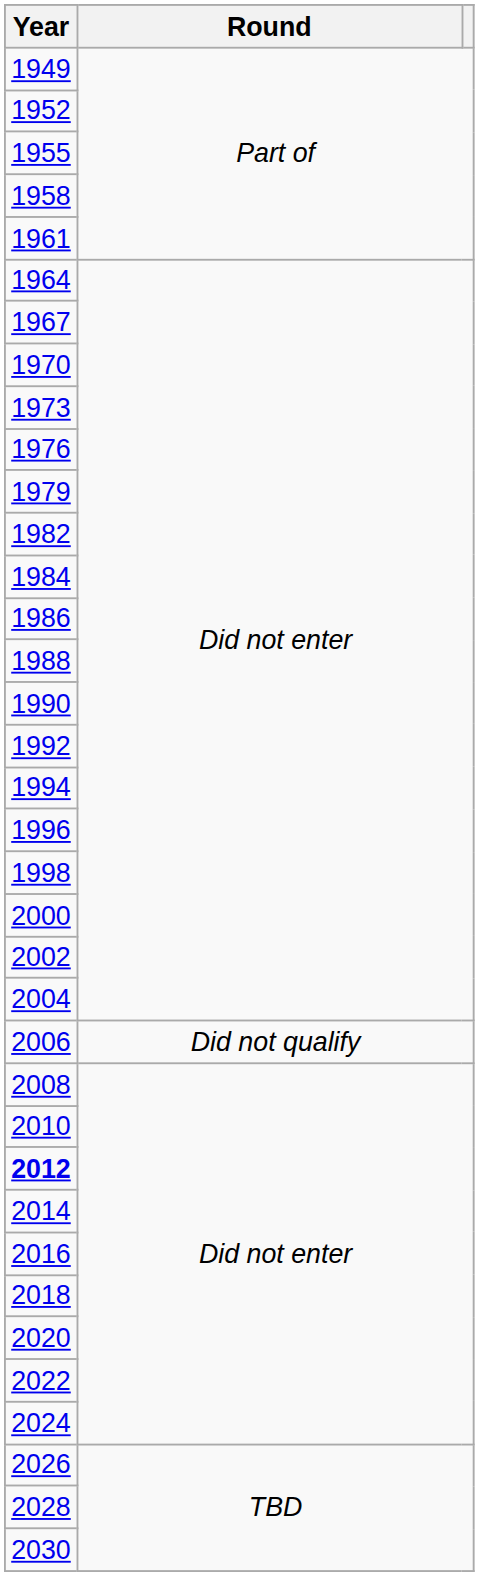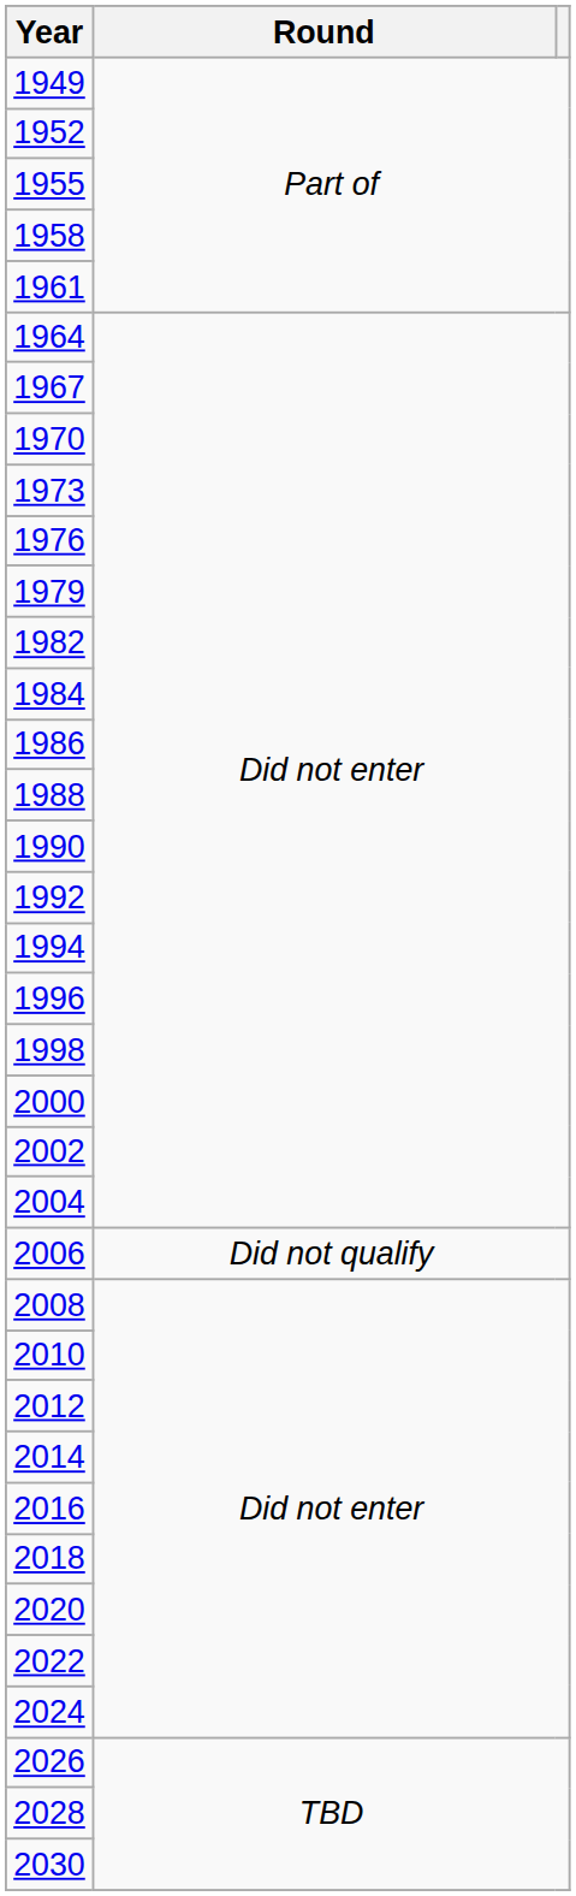 <table class="wikitable" style="text-align: center; font-size:90%">
 <tr>
 <th>Year</th>
 <th style="width:200px">Round</th>
 <th></th>
 </tr>
 <tr>
 <td><a href='#'>1949</a></td>
 <td colspan="2" rowspan="5"><em>Part of </em></td>
 </tr>
 <tr>
 <td><a href='#'>1952</a></td>
 </tr>
 <tr>
 <td><a href='#'>1955</a></td>
 </tr>
 <tr>
 <td><a href='#'>1958</a></td>
 </tr>
 <tr>
 <td><a href='#'>1961</a></td>
 </tr>
 <tr>
 <td><a href='#'>1964</a></td>
 <td colspan="2" rowspan="18"><em>Did not enter</em></td>
 </tr>
 <tr>
 <td><a href='#'>1967</a></td>
 </tr>
 <tr>
 <td><a href='#'>1970</a></td>
 </tr>
 <tr>
 <td><a href='#'>1973</a></td>
 </tr>
 <tr>
 <td><a href='#'>1976</a></td>
 </tr>
 <tr>
 <td><a href='#'>1979</a></td>
 </tr>
 <tr>
 <td><a href='#'>1982</a></td>
 </tr>
 <tr>
 <td><a href='#'>1984</a></td>
 </tr>
 <tr>
 <td><a href='#'>1986</a></td>
 </tr>
 <tr>
 <td><a href='#'>1988</a></td>
 </tr>
 <tr>
 <td><a href='#'>1990</a></td>
 </tr>
 <tr>
 <td><a href='#'>1992</a></td>
 </tr>
 <tr>
 <td><a href='#'>1994</a></td>
 </tr>
 <tr>
 <td><a href='#'>1996</a></td>
 </tr>
 <tr>
 <td><a href='#'>1998</a></td>
 </tr>
 <tr>
 <td><a href='#'>2000</a></td>
 </tr>
 <tr>
 <td><a href='#'>2002</a></td>
 </tr>
 <tr>
 <td><a href='#'>2004</a></td>
 </tr>
 <tr>
 <td><a href='#'>2006</a></td>
 <td colspan="2"><em>Did not qualify</em></td>
 </tr>
 <tr>
 <td><a href='#'>2008</a></td>
 <td colspan="2" rowspan="9"><em>Did not enter</em></td>
 </tr>
 <tr>
 <td><a href='#'>2010</a></td>
 </tr>
 <tr>
-<td><strong><a href='#'>2012</a></strong></td>
+<td><a href='#'>2012</a></td>
 </tr>
 <tr>
 <td><a href='#'>2014</a></td>
 </tr>
 <tr>
 <td><a href='#'>2016</a></td>
 </tr>
 <tr>
 <td><a href='#'>2018</a></td>
 </tr>
 <tr>
 <td><a href='#'>2020</a></td>
 </tr>
 <tr>
 <td><a href='#'>2022</a></td>
 </tr>
 <tr>
 <td><a href='#'>2024</a></td>
 </tr>
 <tr>
 <td><a href='#'>2026</a></td>
 <td colspan="2" rowspan="3"><em>TBD</em></td>
 </tr>
 <tr>
 <td><a href='#'>2028</a></td>
 </tr>
 <tr>
 <td><a href='#'>2030</a></td>
 </tr>
 </table>
